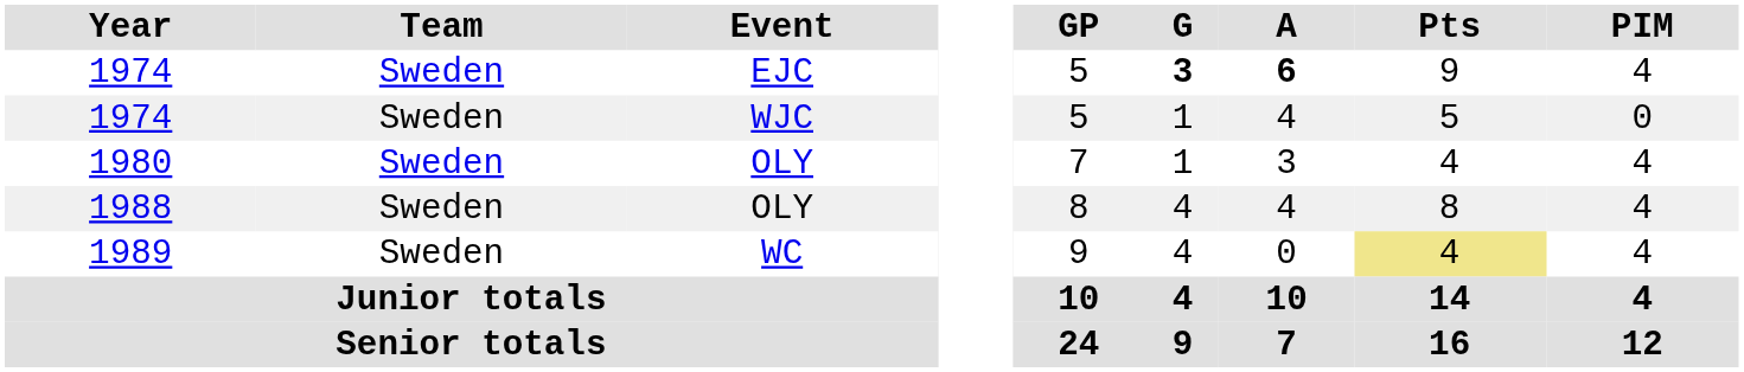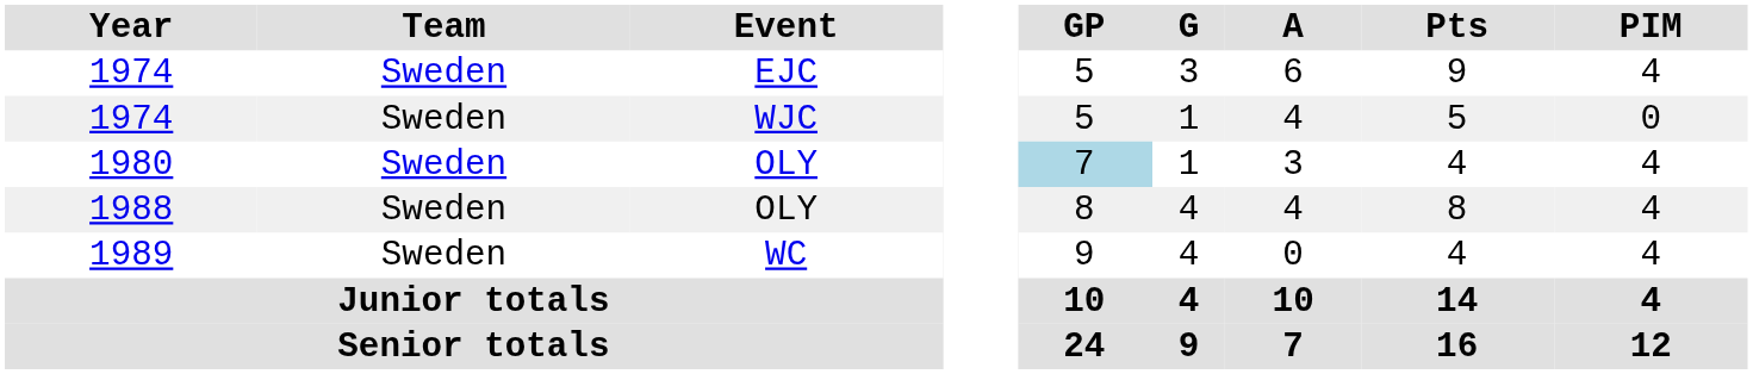 <table border="0" cellpadding="1" cellspacing="0" style="text-align:center; width:50em">
 <tr ALIGN="center" bgcolor="#e0e0e0">
 <th>Year</th>
 <th>Team</th>
 <th>Event</th>
 <th rowspan="99" bgcolor="#ffffff"> </th>
 <th>GP</th>
 <th>G</th>
 <th>A</th>
 <th>Pts</th>
 <th>PIM</th>
 </tr>
 <tr>
 <td><a href='#'>1974</a></td>
 <td><a href='#'>Sweden</a></td>
 <td><a href='#'>EJC</a></td>
 <td>5</td>
-<td><strong>3</strong></td>
-<td><strong>6</strong></td>
+<td>3</td>
+<td>6</td>
 <td>9</td>
 <td>4</td>
 </tr>
 <tr bgcolor="#f0f0f0">
 <td><a href='#'>1974</a></td>
 <td>Sweden</td>
 <td><a href='#'>WJC</a></td>
 <td>5</td>
 <td>1</td>
 <td>4</td>
 <td>5</td>
 <td>0</td>
 </tr>
 <tr>
 <td><a href='#'>1980</a></td>
 <td><a href='#'>Sweden</a></td>
 <td><a href='#'>OLY</a></td>
-<td>7</td>
+<td style="background: lightblue;">7</td>
 <td>1</td>
 <td>3</td>
 <td>4</td>
 <td>4</td>
 </tr>
 <tr bgcolor="#f0f0f0">
 <td><a href='#'>1988</a></td>
 <td>Sweden</td>
 <td>OLY</td>
 <td>8</td>
 <td>4</td>
 <td>4</td>
 <td>8</td>
 <td>4</td>
 </tr>
 <tr>
 <td><a href='#'>1989</a></td>
 <td>Sweden</td>
 <td><a href='#'>WC</a></td>
 <td>9</td>
 <td>4</td>
 <td>0</td>
-<td style="background: khaki;">4</td>
+<td>4</td>
 <td>4</td>
 </tr>
 <tr bgcolor="#e0e0e0">
 <th colspan=3>Junior totals</th>
 <th>10</th>
 <th>4</th>
 <th>10</th>
 <th>14</th>
 <th>4</th>
 </tr>
 <tr bgcolor="#e0e0e0">
 <th colspan=3>Senior totals</th>
 <th>24</th>
 <th>9</th>
 <th>7</th>
 <th>16</th>
 <th>12</th>
 </tr>
 </table>
